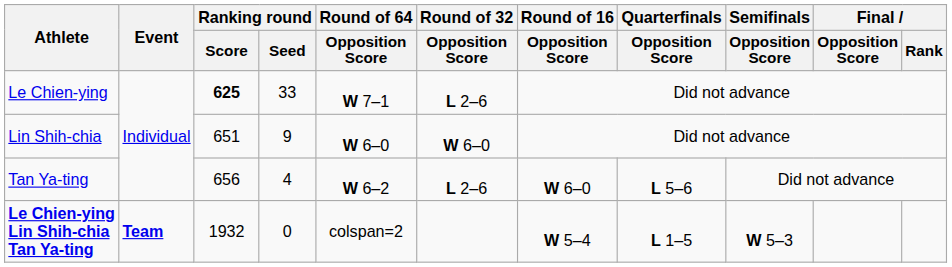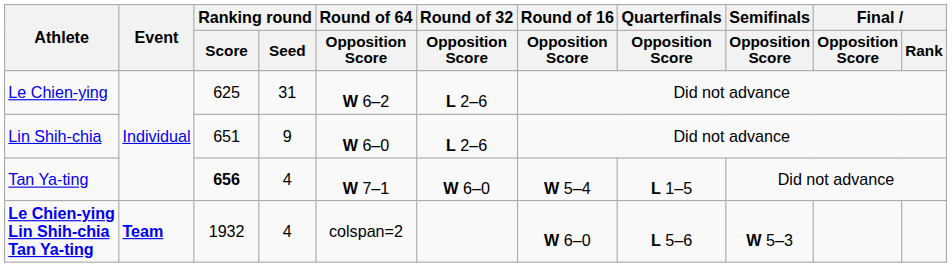 <table class="wikitable" style="font-size:90%">
 <tr>
 <th rowspan=2>Athlete</th>
 <th rowspan=2>Event</th>
 <th colspan="2">Ranking round</th>
 <th>Round of 64</th>
 <th>Round of 32</th>
 <th>Round of 16</th>
 <th>Quarterfinals</th>
 <th>Semifinals</th>
 <th colspan="2">Final / </th>
 </tr>
 <tr style="font-size:95%">
 <th>Score</th>
 <th>Seed</th>
 <th>Opposition<br>Score</th>
 <th>Opposition<br>Score</th>
 <th>Opposition<br>Score</th>
 <th>Opposition<br>Score</th>
 <th>Opposition<br>Score</th>
 <th>Opposition<br>Score</th>
 <th>Rank</th>
 </tr>
 <tr align=center>
 <td align=left><a href='#'>Le Chien-ying</a></td>
 <td align=left rowspan=3><a href='#'>Individual</a></td>
-<td><strong>625</strong></td>
-<td>33</td>
-<td><br><strong>W</strong> 7–1</td>
+<td>625</td>
+<td>31</td>
+<td><br><strong>W</strong> 6–2</td>
 <td><br><strong>L</strong> 2–6</td>
 <td colspan=5>Did not advance</td>
 </tr>
 <tr align=center>
 <td align=left><a href='#'>Lin Shih-chia</a></td>
 <td>651</td>
 <td>9</td>
 <td><br><strong>W</strong> 6–0</td>
-<td><br><strong>W</strong> 6–0</td>
+<td><br><strong>L</strong> 2–6</td>
 <td colspan=5>Did not advance</td>
 </tr>
 <tr align=center>
 <td align=left><a href='#'>Tan Ya-ting</a></td>
-<td>656</td>
+<td><strong>656</strong></td>
 <td>4</td>
-<td><br><strong>W</strong> 6–2</td>
-<td><br><strong>L</strong> 2–6</td>
+<td><br><strong>W</strong> 7–1</td>
 <td><br><strong>W</strong> 6–0</td>
-<td><br><strong>L</strong> 5–6</td>
+<td><br><strong>W</strong> 5–4</td>
+<td><br><strong>L</strong> 1–5</td>
 <td colspan=3>Did not advance</td>
 </tr>
 <tr align=center>
 <td align=left><strong><a href='#'>Le Chien-ying</a><br><a href='#'>Lin Shih-chia</a><br><a href='#'>Tan Ya-ting</a></strong></td>
 <td align=left><strong><a href='#'>Team</a></strong></td>
 <td>1932</td>
-<td>0</td>
+<td>4</td>
 <td>colspan=2 </td>
 <td></td>
-<td><br><strong>W</strong> 5–4</td>
-<td><br><strong>L</strong> 1–5</td>
+<td><br><strong>W</strong> 6–0</td>
+<td><br><strong>L</strong> 5–6</td>
 <td><br><strong>W</strong> 5–3</td>
 <td></td>
 </tr>
 </table>
